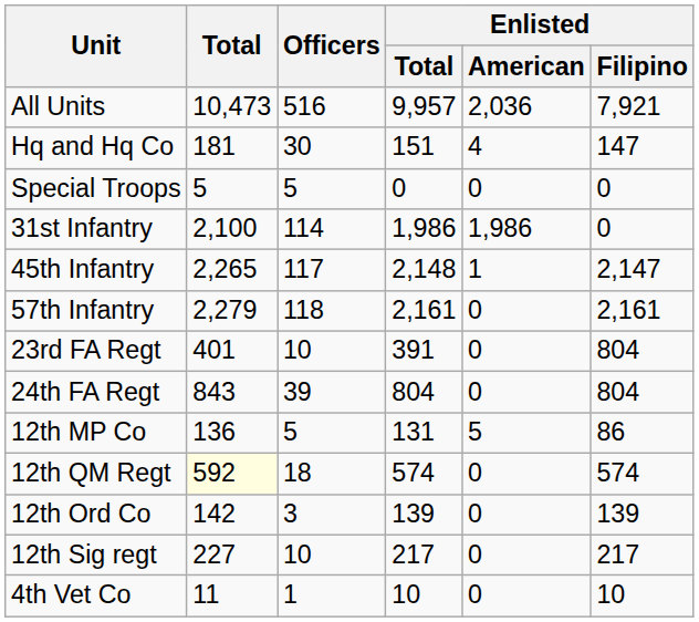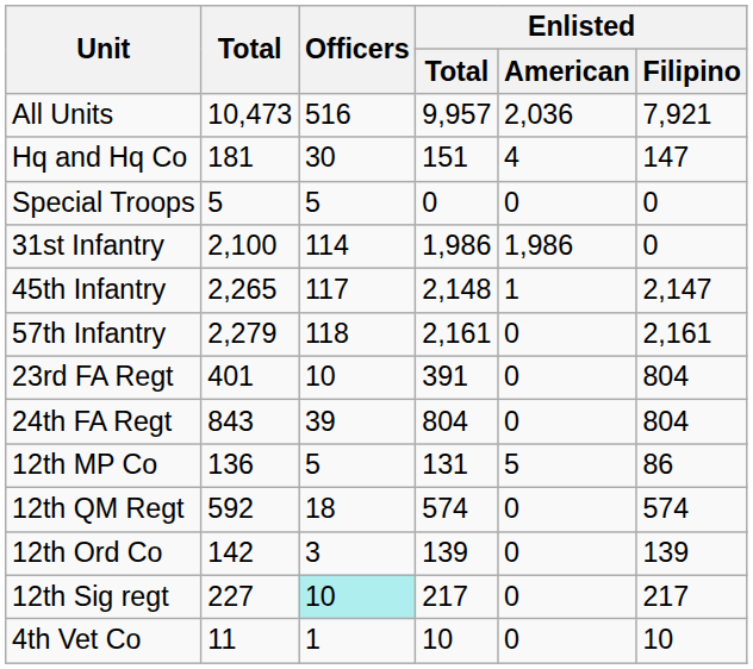 <table class="wikitable">
 <tr>
 <th rowspan=2>Unit</th>
 <th rowspan=2>Total</th>
 <th rowspan=2>Officers</th>
 <th colspan=3>Enlisted</th>
 </tr>
 <tr>
 <th>Total</th>
 <th>American</th>
 <th>Filipino</th>
 </tr>
 <tr>
 <td>All Units</td>
 <td>10,473</td>
 <td>516</td>
 <td>9,957</td>
 <td>2,036</td>
 <td>7,921</td>
 </tr>
 <tr>
 <td>Hq and Hq Co</td>
 <td>181</td>
 <td>30</td>
 <td>151</td>
 <td>4</td>
 <td>147</td>
 </tr>
 <tr>
 <td>Special Troops</td>
 <td>5</td>
 <td>5</td>
 <td>0</td>
 <td>0</td>
 <td>0</td>
 </tr>
 <tr>
 <td>31st Infantry</td>
 <td>2,100</td>
 <td>114</td>
 <td>1,986</td>
 <td>1,986</td>
 <td>0</td>
 </tr>
 <tr>
 <td>45th Infantry</td>
 <td>2,265</td>
 <td>117</td>
 <td>2,148</td>
 <td>1</td>
 <td>2,147</td>
 </tr>
 <tr>
 <td>57th Infantry</td>
 <td>2,279</td>
 <td>118</td>
 <td>2,161</td>
 <td>0</td>
 <td>2,161</td>
 </tr>
 <tr>
 <td>23rd FA Regt</td>
 <td>401</td>
 <td>10</td>
 <td>391</td>
 <td>0</td>
 <td>804</td>
 </tr>
 <tr>
 <td>24th FA Regt</td>
 <td>843</td>
 <td>39</td>
 <td>804</td>
 <td>0</td>
 <td>804</td>
 </tr>
 <tr>
 <td>12th MP Co</td>
 <td>136</td>
 <td>5</td>
 <td>131</td>
 <td>5</td>
 <td>86</td>
 </tr>
 <tr>
 <td>12th QM Regt</td>
-<td style="background: lightyellow;">592</td>
+<td>592</td>
 <td>18</td>
 <td>574</td>
 <td>0</td>
 <td>574</td>
 </tr>
 <tr>
 <td>12th Ord Co</td>
 <td>142</td>
 <td>3</td>
 <td>139</td>
 <td>0</td>
 <td>139</td>
 </tr>
 <tr>
 <td>12th Sig regt</td>
 <td>227</td>
-<td>10</td>
+<td style="background: paleturquoise;">10</td>
 <td>217</td>
 <td>0</td>
 <td>217</td>
 </tr>
 <tr>
 <td>4th Vet Co</td>
 <td>11</td>
 <td>1</td>
 <td>10</td>
 <td>0</td>
 <td>10</td>
 </tr>
 </table>
